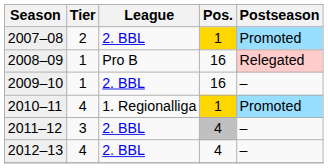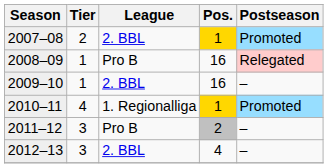 <table class="wikitable sortable">
 <tr>
 <th>Season</th>
 <th>Tier</th>
 <th>League</th>
 <th>Pos.</th>
 <th>Postseason</th>
 </tr>
 <tr>
 <td style="background:#efefef;">2007–08</td>
 <td align="center">2</td>
 <td><a href='#'>2. BBL</a></td>
 <td align="center" style="background:gold">1</td>
 <td style="background:#97DEFF">Promoted</td>
 </tr>
 <tr>
 <td style="background:#efefef;">2008–09</td>
 <td align="center">1</td>
 <td>Pro B</td>
 <td align="center" style="background: ">16</td>
 <td style="background:#ffcccc">Relegated</td>
 </tr>
 <tr>
 <td style="background:#efefef;">2009–10</td>
 <td align="center">1</td>
 <td><a href='#'>2. BBL</a></td>
 <td align="center" style="background: ;">16</td>
 <td style="background: ">–</td>
 </tr>
 <tr>
 <td style="background:#efefef;">2010–11</td>
 <td align="center">4</td>
 <td>1. Regionalliga</td>
 <td align="center" style="background:gold;">1</td>
 <td style="background:#97DEFF">Promoted</td>
 </tr>
 <tr>
 <td style="background:#efefef;">2011–12</td>
 <td align="center">3</td>
-<td><a href='#'>2. BBL</a></td>
-<td align="center" style="background:silver">4</td>
+<td>Pro B</td>
+<td align="center" style="background:silver">2</td>
 <td style="background:">–</td>
 </tr>
 <tr>
 <td style="background:#efefef;">2012–13</td>
-<td align="center">4</td>
+<td align="center">3</td>
 <td><a href='#'>2. BBL</a></td>
 <td align="center" style="background: ]]">4</td>
 <td style="background:">–</td>
 </tr>
 <tr>
 </tr>
 </table>
